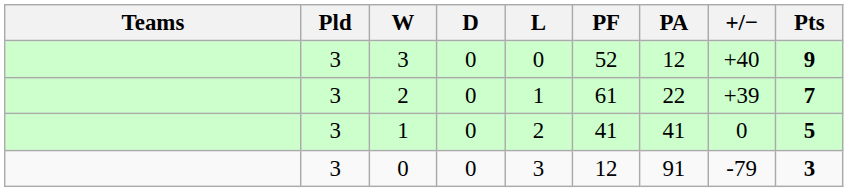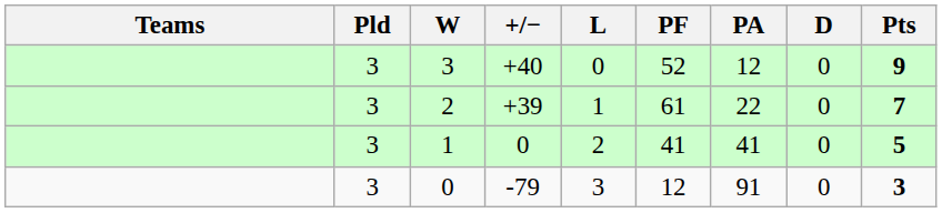 <table class="wikitable" style="text-align: center;">
 <tr>
 <th width="200">Teams</th>
 <th width="40">Pld</th>
 <th width="40">W</th>
-<th width="40">D</th>
+<th width="40">+/−</th>
 <th width="40">L</th>
 <th width="40">PF</th>
 <th width="40">PA</th>
-<th width="40">+/−</th>
+<th width="40">D</th>
 <th width="40">Pts</th>
 </tr>
 <tr bgcolor=#ccffcc>
 <td align=left></td>
 <td>3</td>
 <td>3</td>
-<td>0</td>
+<td>+40</td>
 <td>0</td>
 <td>52</td>
 <td>12</td>
-<td>+40</td>
+<td>0</td>
 <td><strong>9</strong></td>
 </tr>
 <tr bgcolor=#ccffcc>
 <td align=left></td>
 <td>3</td>
 <td>2</td>
-<td>0</td>
+<td>+39</td>
 <td>1</td>
 <td>61</td>
 <td>22</td>
-<td>+39</td>
+<td>0</td>
 <td><strong>7</strong></td>
 </tr>
 <tr bgcolor=#ccffcc>
 <td align=left></td>
 <td>3</td>
 <td>1</td>
 <td>0</td>
 <td>2</td>
 <td>41</td>
 <td>41</td>
 <td>0</td>
 <td><strong>5</strong></td>
 </tr>
 <tr>
 <td align=left></td>
 <td>3</td>
 <td>0</td>
-<td>0</td>
+<td>-79</td>
 <td>3</td>
 <td>12</td>
 <td>91</td>
-<td>-79</td>
+<td>0</td>
 <td><strong>3</strong></td>
 </tr>
 </table>
